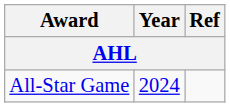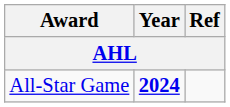 <table class="wikitable">
 <tr>
 <th>Award</th>
 <th>Year</th>
 <th>Ref</th>
 </tr>
 <tr>
 <th colspan="3"><a href='#'>AHL</a></th>
 </tr>
 <tr>
 <td><a href='#'>All-Star Game</a></td>
-<td><a href='#'>2024</a></td>
+<td><strong><a href='#'>2024</a></strong></td>
 <td></td>
 </tr>
 </table>
